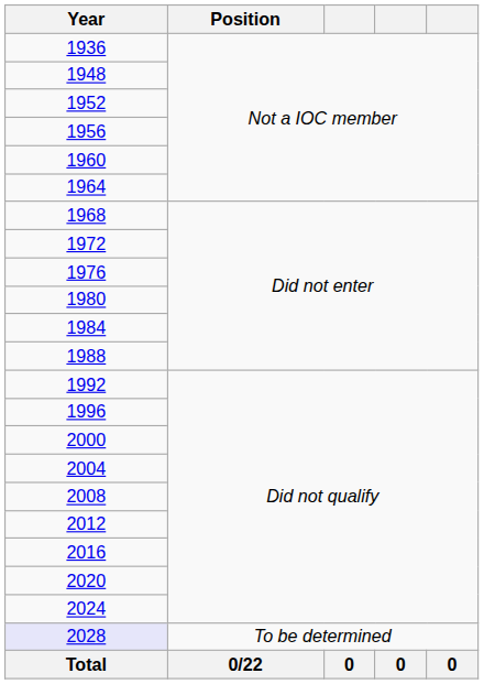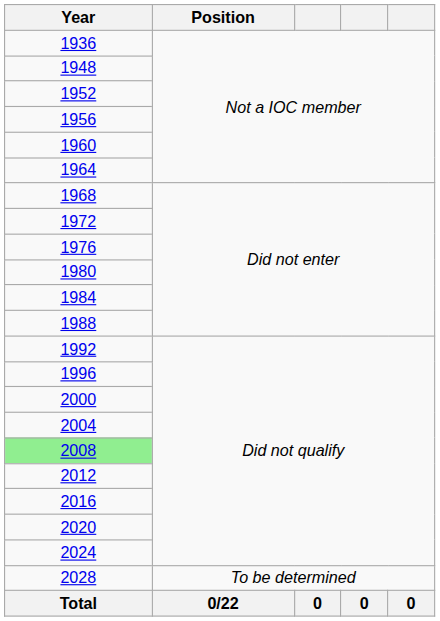 <table class="wikitable" style="text-align: center;font-size:90%;">
 <tr>
 <th width=125>Year</th>
 <th width=120>Position</th>
 <th width=35></th>
 <th width=35></th>
 <th width=35></th>
 </tr>
 <tr>
 <td> <a href='#'>1936</a></td>
 <td rowspan=6 colspan="4"><em>Not a IOC member</em></td>
 </tr>
 <tr>
 <td> <a href='#'>1948</a></td>
 </tr>
 <tr>
 <td> <a href='#'>1952</a></td>
 </tr>
 <tr>
 <td> <a href='#'>1956</a></td>
 </tr>
 <tr>
 <td> <a href='#'>1960</a></td>
 </tr>
 <tr>
 <td> <a href='#'>1964</a></td>
 </tr>
 <tr>
 <td> <a href='#'>1968</a></td>
 <td rowspan=6 colspan="4"><em>Did not enter</em></td>
 </tr>
 <tr>
 <td> <a href='#'>1972</a></td>
 </tr>
 <tr>
 <td> <a href='#'>1976</a></td>
 </tr>
 <tr>
 <td> <a href='#'>1980</a></td>
 </tr>
 <tr>
 <td> <a href='#'>1984</a></td>
 </tr>
 <tr>
 <td> <a href='#'>1988</a></td>
 </tr>
 <tr>
 <td> <a href='#'>1992</a></td>
 <td rowspan=9 colspan="4"><em>Did not qualify</em></td>
 </tr>
 <tr>
 <td> <a href='#'>1996</a></td>
 </tr>
 <tr>
 <td> <a href='#'>2000</a></td>
 </tr>
 <tr>
 <td> <a href='#'>2004</a></td>
 </tr>
 <tr>
-<td> <a href='#'>2008</a></td>
+<td style="background: lightgreen;"> <a href='#'>2008</a></td>
 </tr>
 <tr>
 <td> <a href='#'>2012</a></td>
 </tr>
 <tr>
 <td> <a href='#'>2016</a></td>
 </tr>
 <tr>
 <td> <a href='#'>2020</a></td>
 </tr>
 <tr>
 <td> <a href='#'>2024</a></td>
 </tr>
 <tr>
-<td style="background: lavender;"> <a href='#'>2028</a></td>
+<td> <a href='#'>2028</a></td>
 <td colspan="4"><em>To be determined</em></td>
 </tr>
 <tr>
 <th>Total</th>
 <th>0/22</th>
 <th>0</th>
 <th>0</th>
 <th>0</th>
 </tr>
 </table>
